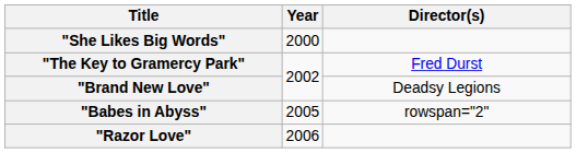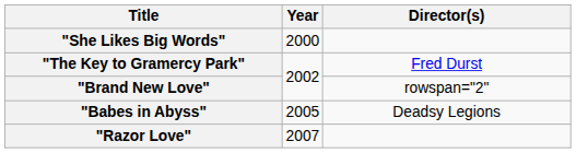 <table class="wikitable plainrowheaders" style="text-align:center;">
 <tr>
 <th scope="col" style="width:18em;">Title</th>
 <th scope="col">Year</th>
 <th scope="col" style="width:16em;">Director(s)</th>
 </tr>
 <tr>
 <th scope="row">"She Likes Big Words"</th>
 <td>2000</td>
 <td></td>
 </tr>
 <tr>
 <th scope="row">"The Key to Gramercy Park"</th>
 <td rowspan="2">2002</td>
 <td><a href='#'>Fred Durst</a></td>
 </tr>
 <tr>
 <th scope="row">"Brand New Love"</th>
-<td>Deadsy Legions</td>
+<td>rowspan="2" </td>
 </tr>
 <tr>
 <th scope="row">"Babes in Abyss"</th>
 <td>2005</td>
-<td>rowspan="2" </td>
+<td>Deadsy Legions</td>
 </tr>
 <tr>
 <th scope="row">"Razor Love"</th>
-<td>2006</td>
+<td>2007</td>
 </tr>
 </table>
